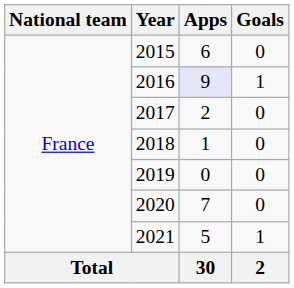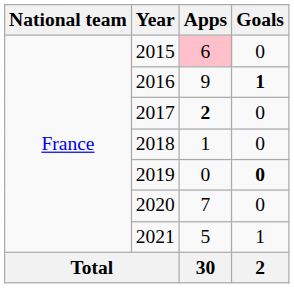 <table class=wikitable style="text-align: center">
 <tr>
 <th>National team</th>
 <th>Year</th>
 <th>Apps</th>
 <th>Goals</th>
 </tr>
 <tr>
 <td rowspan="7"><a href='#'>France</a></td>
 <td>2015</td>
-<td>6</td>
+<td style="background: pink;">6</td>
 <td>0</td>
 </tr>
 <tr>
 <td>2016</td>
-<td style="background: lavender;">9</td>
-<td>1</td>
+<td>9</td>
+<td><strong>1</strong></td>
 </tr>
 <tr>
 <td>2017</td>
-<td>2</td>
+<td><strong>2</strong></td>
 <td>0</td>
 </tr>
 <tr>
 <td>2018</td>
 <td>1</td>
 <td>0</td>
 </tr>
 <tr>
 <td>2019</td>
 <td>0</td>
-<td>0</td>
+<td><strong>0</strong></td>
 </tr>
 <tr>
 <td>2020</td>
 <td>7</td>
 <td>0</td>
 </tr>
 <tr>
 <td>2021</td>
 <td>5</td>
 <td>1</td>
 </tr>
 <tr>
 <th colspan=2>Total</th>
 <th>30</th>
 <th>2</th>
 </tr>
 </table>
